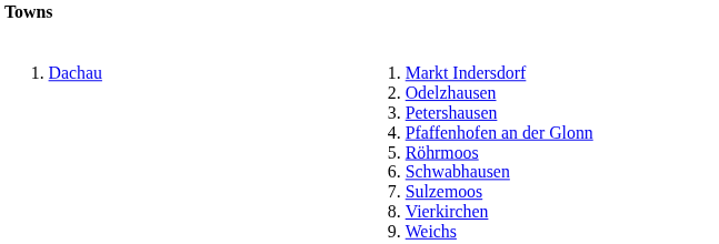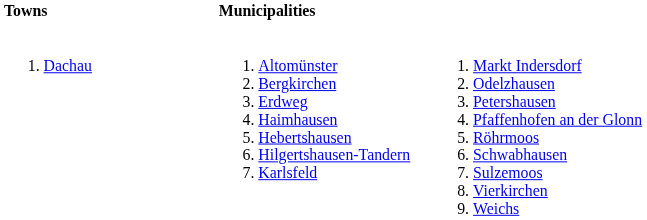 <table>
 <tr>
 <th align=left width=33%>Towns</th>
+<th align=left width=33%>Municipalities</th>
 <th align=left width=33%></th>
 </tr>
 <tr valign=top>
 <td><br><ol><li><a href='#'>Dachau</a></li></ol></td>
+<td><br><ol><li><a href='#'>Altomünster</a></li><li><a href='#'>Bergkirchen</a></li><li><a href='#'>Erdweg</a></li><li><a href='#'>Haimhausen</a></li><li><a href='#'>Hebertshausen</a></li><li><a href='#'>Hilgertshausen-Tandern</a></li><li><a href='#'>Karlsfeld</a></li></ol></td>
 <td><br><ol> <li> <a href='#'>Markt Indersdorf</a> <li> <a href='#'>Odelzhausen</a> <li> <a href='#'>Petershausen</a> <li> <a href='#'>Pfaffenhofen an der Glonn</a> <li> <a href='#'>Röhrmoos</a> <li> <a href='#'>Schwabhausen</a> <li> <a href='#'>Sulzemoos</a> <li> <a href='#'>Vierkirchen</a> <li> <a href='#'>Weichs</a> </ol></td>
 </tr>
 </table>
